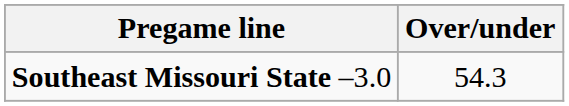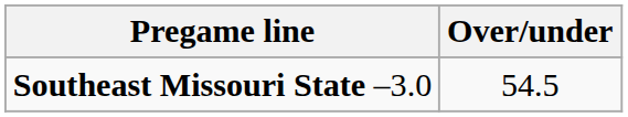 <table class="wikitable">
 <tr align="center">
 <th>Pregame line</th>
 <th>Over/under</th>
 </tr>
 <tr align="center">
 <td><strong>Southeast Missouri State</strong> –3.0</td>
-<td>54.3</td>
+<td>54.5</td>
 </tr>
 </table>
